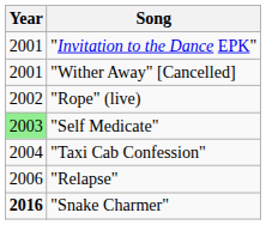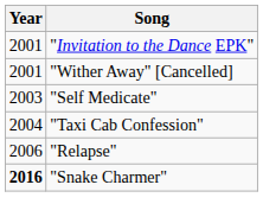 <table class="wikitable">
 <tr>
 <th>Year</th>
 <th>Song</th>
 </tr>
 <tr>
 <td style="text-align:center;">2001</td>
 <td>"<em><a href='#'>Invitation to the Dance</a></em> <a href='#'>EPK</a>"</td>
 </tr>
 <tr>
 <td style="text-align:center;">2001</td>
 <td>"Wither Away" [Cancelled]</td>
 </tr>
 <tr>
-<td style="text-align:center;">2002</td>
-<td>"Rope" (live)</td>
-</tr>
-<tr>
-<td style="background: lightgreen; text-align:center;">2003</td>
+<td style="text-align:center;">2003</td>
 <td>"Self Medicate"</td>
 </tr>
 <tr>
 <td style="text-align:center;">2004</td>
 <td>"Taxi Cab Confession"</td>
 </tr>
 <tr>
 <td style="text-align:center;">2006</td>
 <td>"Relapse"</td>
 </tr>
 <tr>
 <td style="text-align:center;"><strong>2016</strong></td>
 <td>"Snake Charmer"</td>
 </tr>
 </table>
